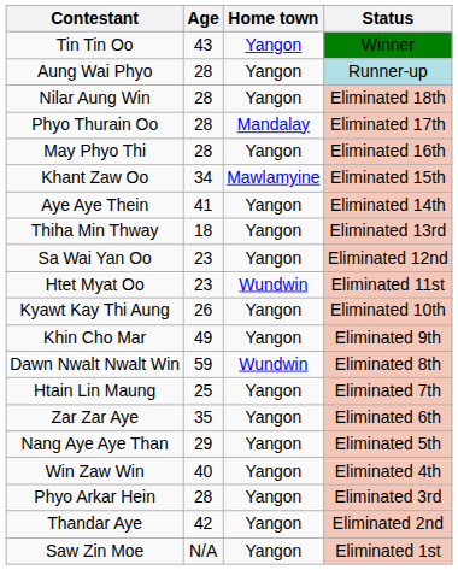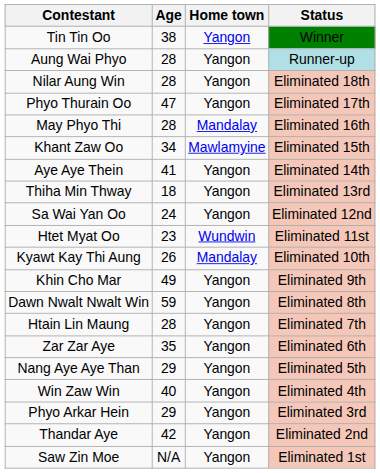 <table class= "wikitable sortable" style="text-align: center; margin:auto; align: center">
 <tr style="background:#C1D8FF;">
 <th>Contestant</th>
 <th>Age</th>
 <th>Home town</th>
 <th>Status</th>
 </tr>
 <tr>
 <td>Tin Tin Oo</td>
-<td>43</td>
+<td>38</td>
 <td><a href='#'>Yangon</a></td>
 <td style="background:green;"><span>Winner</span></td>
 </tr>
 <tr>
 <td>Aung Wai Phyo</td>
 <td>28</td>
 <td>Yangon</td>
 <td style="background:#B0E0E6;">Runner-up</td>
 </tr>
 <tr>
 <td>Nilar Aung Win</td>
 <td>28</td>
 <td>Yangon</td>
 <td bgcolor="#F4C7B8">Eliminated 18th</td>
 </tr>
 <tr>
 <td>Phyo Thurain Oo</td>
-<td>28</td>
-<td><a href='#'>Mandalay</a></td>
+<td>47</td>
+<td>Yangon</td>
 <td bgcolor="#F4C7B8">Eliminated 17th</td>
 </tr>
 <tr>
 <td>May Phyo Thi</td>
 <td>28</td>
-<td>Yangon</td>
+<td><a href='#'>Mandalay</a></td>
 <td bgcolor="#F4C7B8">Eliminated 16th</td>
 </tr>
 <tr>
 <td>Khant Zaw Oo</td>
 <td>34</td>
 <td><a href='#'>Mawlamyine</a></td>
 <td bgcolor="#F4C7B8">Eliminated 15th</td>
 </tr>
 <tr>
 <td>Aye Aye Thein</td>
 <td>41</td>
 <td>Yangon</td>
 <td bgcolor="#F4C7B8">Eliminated 14th</td>
 </tr>
 <tr>
 <td>Thiha Min Thway</td>
 <td>18</td>
 <td>Yangon</td>
 <td bgcolor="#F4C7B8">Eliminated 13rd</td>
 </tr>
 <tr>
 <td>Sa Wai Yan Oo</td>
-<td>23</td>
+<td>24</td>
 <td>Yangon</td>
 <td bgcolor="#F4C7B8">Eliminated 12nd</td>
 </tr>
 <tr>
 <td>Htet Myat Oo</td>
 <td>23</td>
 <td><a href='#'>Wundwin</a></td>
 <td bgcolor="#F4C7B8">Eliminated 11st</td>
 </tr>
 <tr>
 <td>Kyawt Kay Thi Aung</td>
 <td>26</td>
-<td>Yangon</td>
+<td><a href='#'>Mandalay</a></td>
 <td bgcolor="#F4C7B8">Eliminated 10th</td>
 </tr>
 <tr>
 <td>Khin Cho Mar</td>
 <td>49</td>
 <td>Yangon</td>
 <td bgcolor="#F4C7B8">Eliminated 9th</td>
 </tr>
 <tr>
 <td>Dawn Nwalt Nwalt Win</td>
 <td>59</td>
-<td><a href='#'>Wundwin</a></td>
+<td>Yangon</td>
 <td bgcolor="#F4C7B8">Eliminated 8th</td>
 </tr>
 <tr>
 <td>Htain Lin Maung</td>
-<td>25</td>
+<td>28</td>
 <td>Yangon</td>
 <td bgcolor="#F4C7B8">Eliminated 7th</td>
 </tr>
 <tr>
 <td>Zar Zar Aye</td>
 <td>35</td>
 <td>Yangon</td>
 <td bgcolor="#F4C7B8">Eliminated 6th</td>
 </tr>
 <tr>
 <td>Nang Aye Aye Than</td>
 <td>29</td>
 <td>Yangon</td>
 <td bgcolor="#F4C7B8">Eliminated 5th</td>
 </tr>
 <tr>
 <td>Win Zaw Win</td>
 <td>40</td>
 <td>Yangon</td>
 <td bgcolor="#F4C7B8">Eliminated 4th</td>
 </tr>
 <tr>
 <td>Phyo Arkar Hein</td>
-<td>28</td>
+<td>29</td>
 <td>Yangon</td>
 <td bgcolor="#F4C7B8">Eliminated 3rd</td>
 </tr>
 <tr>
 <td>Thandar Aye</td>
 <td>42</td>
 <td>Yangon</td>
 <td bgcolor="#F4C7B8">Eliminated 2nd</td>
 </tr>
 <tr>
 <td>Saw Zin Moe</td>
 <td>N/A</td>
 <td>Yangon</td>
 <td bgcolor="#F4C7B8">Eliminated 1st</td>
 </tr>
 </table>
